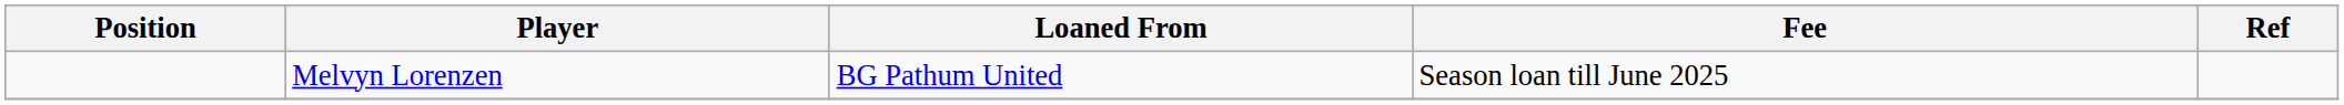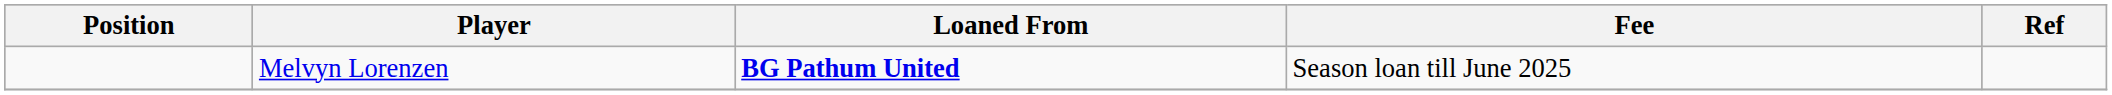 <table class="wikitable sortable" style="width:80%; text-align:center; font-size:100%; text-align:left;">
 <tr>
 <th><strong>Position</strong></th>
 <th><strong>Player</strong></th>
 <th><strong>Loaned From</strong></th>
 <th><strong>Fee</strong></th>
 <th><strong>Ref</strong></th>
 </tr>
 <tr>
 <td></td>
 <td> <a href='#'>Melvyn Lorenzen</a></td>
-<td> <a href='#'>BG Pathum United</a></td>
+<td><strong> <a href='#'>BG Pathum United</a></strong></td>
 <td>Season loan till June 2025</td>
 <td></td>
 </tr>
 <tr>
 </tr>
 </table>
